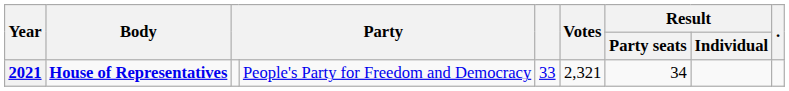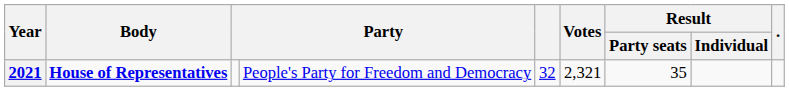 <table class="wikitable plainrowheaders sortable" border=2 cellpadding=4 cellspacing=0 style="border: 1px #aaa solid; font-size: 90%; text-align:center;">
 <tr>
 <th scope="col" rowspan=2>Year</th>
 <th scope="col" rowspan=2>Body</th>
 <th scope="col" colspan=2 rowspan=2>Party</th>
 <th scope="col" rowspan=2></th>
 <th scope="col" rowspan=2>Votes</th>
 <th scope="colgroup" colspan=2>Result</th>
 <th scope="col" rowspan=2 class="unsortable">.</th>
 </tr>
 <tr>
 <th scope="col">Party seats</th>
 <th scope="col">Individual</th>
 </tr>
 <tr>
 <th scope="row"><a href='#'>2021</a></th>
 <td><strong><a href='#'>House of Representatives</a></strong></td>
 <td style="background-color:"></td>
 <td><a href='#'>People's Party for Freedom and Democracy</a></td>
-<td style=text-align:right><a href='#'>33</a></td>
+<td style=text-align:right><a href='#'>32</a></td>
 <td style=text-align:right>2,321</td>
-<td style=text-align:right>34</td>
+<td style=text-align:right>35</td>
 <td></td>
 <td></td>
 </tr>
 </table>
